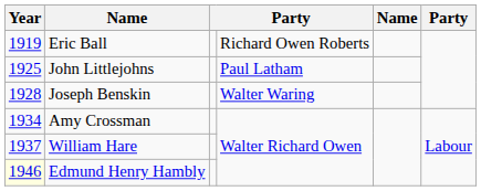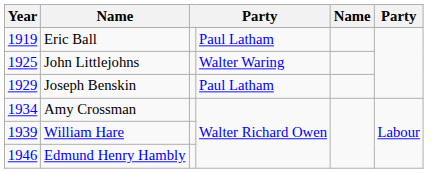 <table class="wikitable">
 <tr>
 <th>Year</th>
 <th>Name</th>
 <th colspan=2>Party</th>
 <th>Name</th>
 <th colspan=2>Party</th>
 </tr>
 <tr>
 <td><a href='#'>1919</a></td>
 <td>Eric Ball</td>
 <td></td>
-<td>Richard Owen Roberts</td>
+<td><a href='#'>Paul Latham</a></td>
 <td></td>
 </tr>
 <tr>
 <td><a href='#'>1925</a></td>
 <td>John Littlejohns</td>
 <td></td>
-<td><a href='#'>Paul Latham</a></td>
+<td><a href='#'>Walter Waring</a></td>
 <td></td>
 </tr>
 <tr>
-<td><a href='#'>1928</a></td>
+<td><a href='#'>1929</a></td>
 <td>Joseph Benskin</td>
 <td></td>
-<td><a href='#'>Walter Waring</a></td>
+<td><a href='#'>Paul Latham</a></td>
 <td></td>
 </tr>
 <tr>
 <td><a href='#'>1934</a></td>
 <td>Amy Crossman</td>
 <td></td>
 <td rowspan=3><a href='#'>Walter Richard Owen</a></td>
 <td rowspan=3 style="background-color: "></td>
 <td rowspan=3><a href='#'>Labour</a></td>
 </tr>
 <tr>
-<td><a href='#'>1937</a></td>
+<td><a href='#'>1939</a></td>
 <td><a href='#'>William Hare</a></td>
 <td></td>
 </tr>
 <tr>
-<td style="background: lightyellow;"><a href='#'>1946</a></td>
+<td><a href='#'>1946</a></td>
 <td><a href='#'>Edmund Henry Hambly</a></td>
 <td></td>
 </tr>
 </table>
